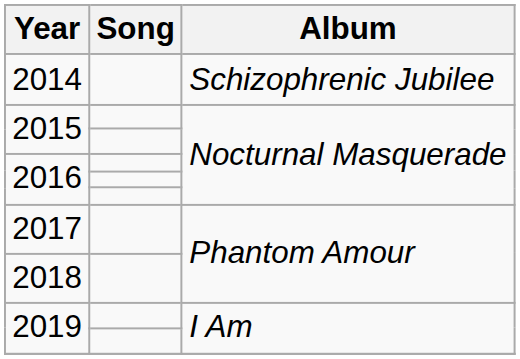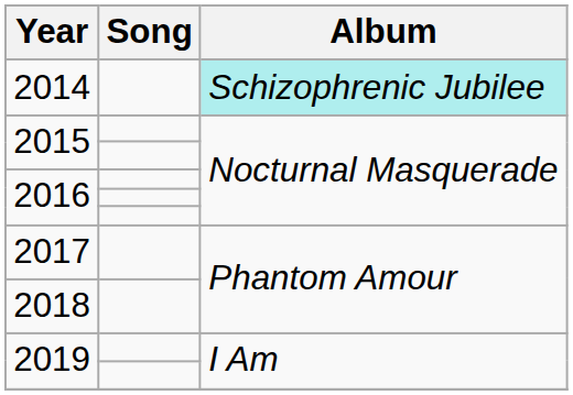 <table class=wikitable>
 <tr>
 <th>Year</th>
 <th>Song</th>
 <th>Album</th>
 </tr>
 <tr>
 <td>2014</td>
 <td></td>
-<td><em>Schizophrenic Jubilee</em></td>
+<td style="background: paleturquoise;"><em>Schizophrenic Jubilee</em></td>
 </tr>
 <tr>
 <td rowspan=2>2015</td>
 <td></td>
 <td rowspan=5><em>Nocturnal Masquerade</em></td>
 </tr>
 <tr>
 <td></td>
 </tr>
 <tr>
 <td rowspan=3>2016</td>
 <td></td>
 </tr>
 <tr>
 <td></td>
 </tr>
 <tr>
 <td></td>
 </tr>
 <tr>
 <td>2017</td>
 <td></td>
 <td rowspan=2><em>Phantom Amour</em></td>
 </tr>
 <tr>
 <td>2018</td>
 <td></td>
 </tr>
 <tr>
 <td rowspan=2>2019</td>
 <td></td>
 <td rowspan=2><em>I Am</em></td>
 </tr>
 <tr>
 <td></td>
 </tr>
 <tr>
 </tr>
 </table>
